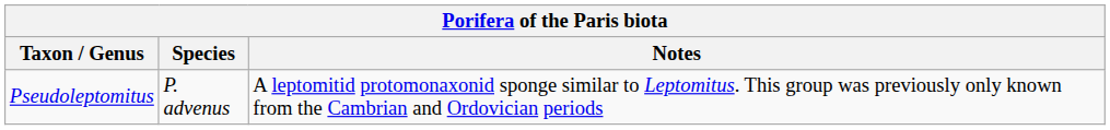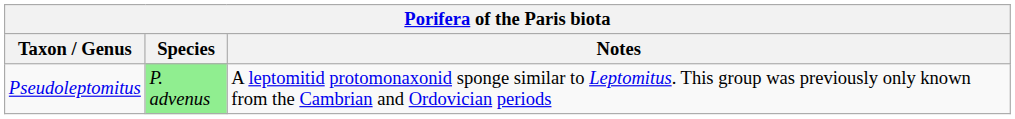 <table class="wikitable" align="center">
 <tr>
 <th colspan="3" align="center"><strong><a href='#'>Porifera</a> of the Paris biota</strong></th>
 </tr>
 <tr>
 <th>Taxon / Genus</th>
 <th>Species</th>
 <th>Notes</th>
 </tr>
 <tr>
 <td><em><a href='#'>Pseudoleptomitus</a></em></td>
-<td><em>P. advenus</em></td>
+<td style="background: lightgreen;"><em>P. advenus</em></td>
 <td>A <a href='#'>leptomitid</a> <a href='#'>protomonaxonid</a> sponge similar to <em><a href='#'>Leptomitus</a></em>. This group was previously only known from the <a href='#'>Cambrian</a> and <a href='#'>Ordovician</a> <a href='#'>periods</a></td>
 </tr>
 </table>
